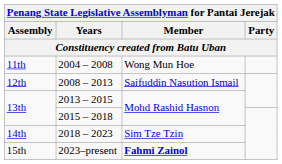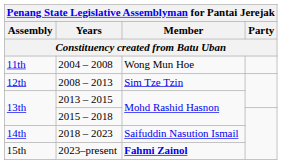 <table class="wikitable">
 <tr>
 <th colspan="4"><a href='#'>Penang State Legislative Assemblyman</a> for Pantai Jerejak</th>
 </tr>
 <tr>
 <th>Assembly</th>
 <th>Years</th>
 <th>Member</th>
 <th>Party</th>
 </tr>
 <tr>
 <th colspan="4" align="center"><em>Constituency created from Batu Uban</em></th>
 </tr>
 <tr>
 <td><a href='#'>11th</a></td>
 <td>2004 – 2008</td>
 <td>Wong Mun Hoe</td>
 <td></td>
 </tr>
 <tr>
 <td><a href='#'>12th</a></td>
 <td>2008 – 2013</td>
-<td><a href='#'>Saifuddin Nasution Ismail</a></td>
+<td><a href='#'>Sim Tze Tzin</a></td>
 <td rowspan=2></td>
 </tr>
 <tr>
 <td rowspan=2><a href='#'>13th</a></td>
 <td>2013 – 2015</td>
 <td rowspan=2><a href='#'>Mohd Rashid Hasnon</a></td>
 </tr>
 <tr>
 <td>2015 – 2018</td>
 <td rowspan=3></td>
 </tr>
 <tr>
 <td><a href='#'>14th</a></td>
 <td>2018 – 2023</td>
-<td><a href='#'>Sim Tze Tzin</a></td>
+<td><a href='#'>Saifuddin Nasution Ismail</a></td>
 </tr>
 <tr>
 <td>15th</td>
 <td>2023–present</td>
 <td><strong><a href='#'>Fahmi Zainol</a></strong></td>
 </tr>
 </table>
